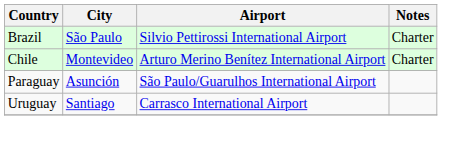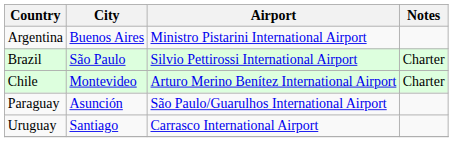 <table class="wikitable sortable">
 <tr>
 <th>Country</th>
 <th>City</th>
 <th>Airport</th>
 <th>Notes</th>
+</tr>
+<tr>
+<td>Argentina</td>
+<td><a href='#'>Buenos Aires</a></td>
+<td><a href='#'>Ministro Pistarini International Airport</a></td>
+<td align=center></td>
 </tr>
 <tr style="background-color:#DDFFDE">
 <td>Brazil</td>
 <td><a href='#'>São Paulo</a></td>
 <td><a href='#'>Silvio Pettirossi International Airport</a></td>
 <td align=center>Charter</td>
 </tr>
 <tr style="background-color:#DDFFDE">
 <td>Chile</td>
 <td><a href='#'>Montevideo</a></td>
 <td><a href='#'>Arturo Merino Benítez International Airport</a></td>
 <td align=center>Charter</td>
 </tr>
 <tr>
 <td>Paraguay</td>
 <td><a href='#'>Asunción</a></td>
 <td><a href='#'>São Paulo/Guarulhos International Airport</a></td>
 <td align=center></td>
 </tr>
 <tr>
 <td>Uruguay</td>
 <td><a href='#'>Santiago</a></td>
 <td><a href='#'>Carrasco International Airport</a></td>
 <td></td>
 </tr>
 <tr>
 </tr>
 </table>
